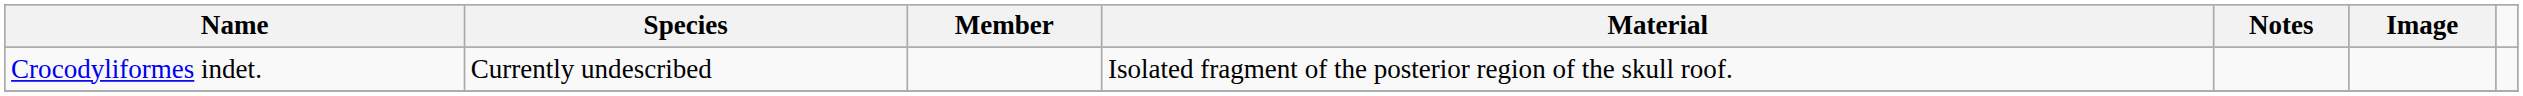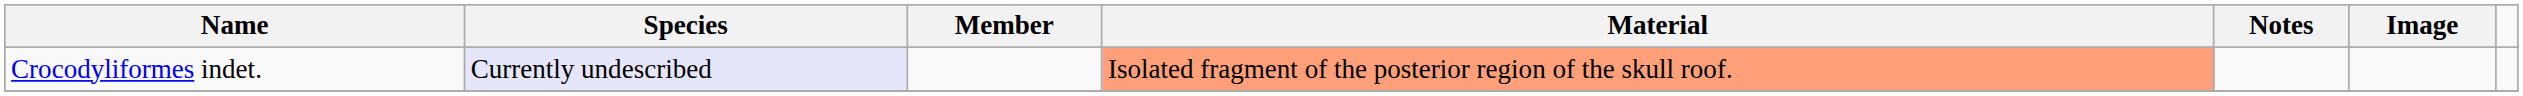 <table class="wikitable" align="center" width="75%">
 <tr>
 <th>Name</th>
 <th>Species</th>
 <th>Member</th>
 <th>Material</th>
 <th>Notes</th>
 <th>Image</th>
 </tr>
 <tr>
 <td><a href='#'>Crocodyliformes</a> indet.</td>
-<td>Currently undescribed</td>
+<td style="background: lavender;">Currently undescribed</td>
 <td></td>
-<td>Isolated fragment of the posterior region of the skull roof.</td>
+<td style="background: lightsalmon;">Isolated fragment of the posterior region of the skull roof.</td>
 <td></td>
 <td></td>
 <td></td>
 </tr>
 <tr>
 </tr>
 </table>
